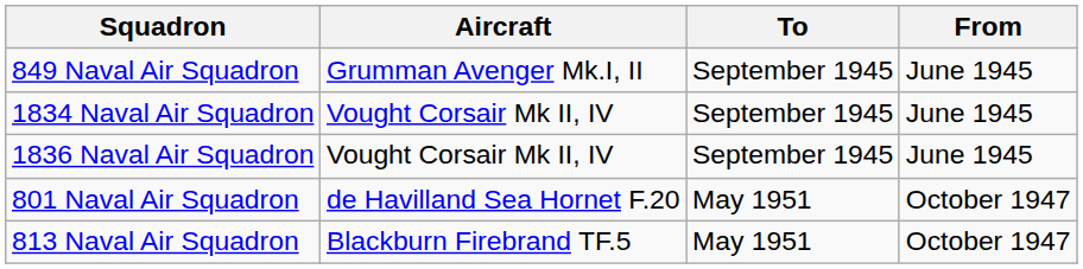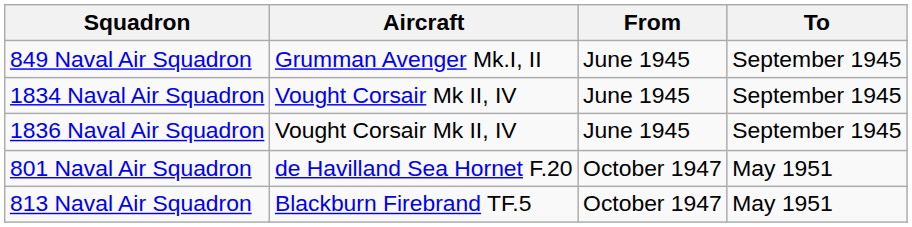 <table class="wikitable">
 <tr>
 <th style="text-align:center">Squadron</th>
 <th style="text-align:center">Aircraft</th>
+<th style="text-align:center">From</th>
 <th style="text-align:center">To</th>
-<th style="text-align:center">From</th>
 </tr>
 <tr>
 <td><a href='#'>849 Naval Air Squadron</a></td>
 <td><a href='#'>Grumman Avenger</a> Mk.I, II</td>
+<td>June 1945</td>
 <td>September 1945</td>
-<td>June 1945</td>
 </tr>
 <tr>
 <td><a href='#'>1834 Naval Air Squadron</a></td>
 <td><a href='#'>Vought Corsair</a> Mk II, IV</td>
+<td>June 1945</td>
 <td>September 1945</td>
-<td>June 1945</td>
 </tr>
 <tr>
 <td><a href='#'>1836 Naval Air Squadron</a></td>
 <td>Vought Corsair Mk II, IV</td>
+<td>June 1945</td>
 <td>September 1945</td>
-<td>June 1945</td>
 </tr>
 <tr>
 <td><a href='#'>801 Naval Air Squadron</a></td>
 <td><a href='#'>de Havilland Sea Hornet</a> F.20</td>
+<td>October 1947</td>
 <td>May 1951</td>
-<td>October 1947</td>
 </tr>
 <tr>
 <td><a href='#'>813 Naval Air Squadron</a></td>
 <td><a href='#'>Blackburn Firebrand</a> TF.5</td>
+<td>October 1947</td>
 <td>May 1951</td>
-<td>October 1947</td>
 </tr>
 </table>
